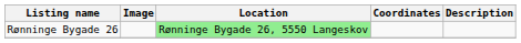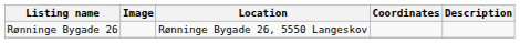 <table class="wikitable sortable">
 <tr>
 <th>Listing name</th>
 <th>Image</th>
 <th>Location</th>
 <th>Coordinates</th>
 <th>Description</th>
 </tr>
 <tr>
 <td>Rønninge Bygade 26</td>
 <td></td>
-<td style="background: lightgreen;">Rønninge Bygade 26, 5550 Langeskov</td>
+<td>Rønninge Bygade 26, 5550 Langeskov</td>
 <td></td>
 <td></td>
 </tr>
 <tr>
 </tr>
 </table>
